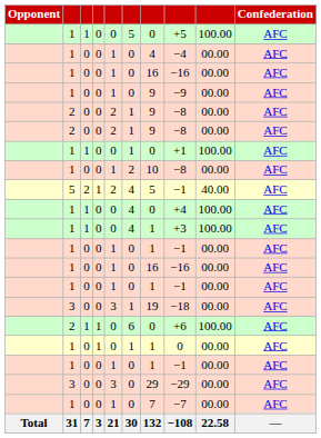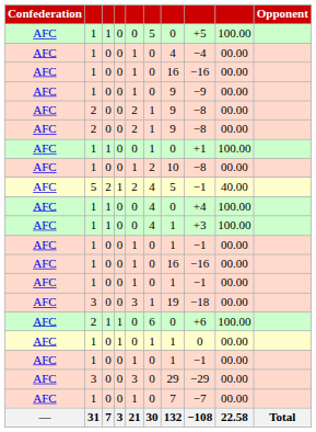 <table class="wikitable sortable" style="text-align:center;">
 <tr style="color:white">
-<th style="background-color:#CC0000;color:white">Opponent</th>
+<th style="background-color:#CC0000;color:white">Confederation</th>
 <th style="background-color:#CC0000;"></th>
 <th style="background-color:#CC0000;"></th>
 <th style="background-color:#CC0000;"></th>
 <th style="background-color:#CC0000;"></th>
 <th style="background-color:#CC0000;"></th>
 <th style="background-color:#CC0000;"></th>
 <th style="background-color:#CC0000;"></th>
 <th style="background-color:#CC0000;"></th>
-<th style="background-color:#CC0000;color:white">Confederation</th>
+<th style="background-color:#CC0000;color:white">Opponent</th>
 </tr>
 <tr bgcolor=CCFFCC>
-<td style="text-align:left;"></td>
+<td><a href='#'>AFC</a></td>
 <td>1</td>
 <td>1</td>
 <td>0</td>
 <td>0</td>
 <td>5</td>
 <td>0</td>
 <td>+5</td>
 <td>100.00</td>
-<td><a href='#'>AFC</a></td>
+<td style="text-align:left;"></td>
 </tr>
 <tr bgcolor=FFDACC>
-<td style="text-align:left;"></td>
+<td><a href='#'>AFC</a></td>
 <td>1</td>
 <td>0</td>
 <td>0</td>
 <td>1</td>
 <td>0</td>
 <td>4</td>
 <td>−4</td>
 <td>00.00</td>
-<td><a href='#'>AFC</a></td>
+<td style="text-align:left;"></td>
 </tr>
 <tr bgcolor=FFDACC>
-<td style="text-align:left;"></td>
+<td><a href='#'>AFC</a></td>
 <td>1</td>
 <td>0</td>
 <td>0</td>
 <td>1</td>
 <td>0</td>
 <td>16</td>
 <td>−16</td>
 <td>00.00</td>
-<td><a href='#'>AFC</a></td>
+<td style="text-align:left;"></td>
 </tr>
 <tr bgcolor=FFDACC>
-<td style="text-align:left;"></td>
+<td><a href='#'>AFC</a></td>
 <td>1</td>
 <td>0</td>
 <td>0</td>
 <td>1</td>
 <td>0</td>
 <td>9</td>
 <td>−9</td>
 <td>00.00</td>
-<td><a href='#'>AFC</a></td>
+<td style="text-align:left;"></td>
 </tr>
 <tr bgcolor=FFDACC>
-<td style="text-align:left;"></td>
+<td><a href='#'>AFC</a></td>
 <td>2</td>
 <td>0</td>
 <td>0</td>
 <td>2</td>
 <td>1</td>
 <td>9</td>
 <td>−8</td>
 <td>00.00</td>
-<td><a href='#'>AFC</a></td>
+<td style="text-align:left;"></td>
 </tr>
 <tr bgcolor=FFDACC>
-<td style="text-align:left;"></td>
+<td><a href='#'>AFC</a></td>
 <td>2</td>
 <td>0</td>
 <td>0</td>
 <td>2</td>
 <td>1</td>
 <td>9</td>
 <td>−8</td>
 <td>00.00</td>
-<td><a href='#'>AFC</a></td>
+<td style="text-align:left;"></td>
 </tr>
 <tr bgcolor=CCFFCC>
-<td style="text-align:left;"></td>
+<td><a href='#'>AFC</a></td>
 <td>1</td>
 <td>1</td>
 <td>0</td>
 <td>0</td>
 <td>1</td>
 <td>0</td>
 <td>+1</td>
 <td>100.00</td>
-<td><a href='#'>AFC</a></td>
+<td style="text-align:left;"></td>
 </tr>
 <tr bgcolor=FFDACC>
-<td style="text-align:left;"></td>
+<td><a href='#'>AFC</a></td>
 <td>1</td>
 <td>0</td>
 <td>0</td>
 <td>1</td>
 <td>2</td>
 <td>10</td>
 <td>−8</td>
 <td>00.00</td>
-<td><a href='#'>AFC</a></td>
+<td style="text-align:left;"></td>
 </tr>
 <tr bgcolor=FFFFCC>
-<td style="text-align:left;"></td>
+<td><a href='#'>AFC</a></td>
 <td>5</td>
 <td>2</td>
 <td>1</td>
 <td>2</td>
 <td>4</td>
 <td>5</td>
 <td>−1</td>
 <td>40.00</td>
-<td><a href='#'>AFC</a></td>
+<td style="text-align:left;"></td>
 </tr>
 <tr bgcolor=CCFFCC>
-<td style="text-align:left;"></td>
+<td><a href='#'>AFC</a></td>
 <td>1</td>
 <td>1</td>
 <td>0</td>
 <td>0</td>
 <td>4</td>
 <td>0</td>
 <td>+4</td>
 <td>100.00</td>
-<td><a href='#'>AFC</a></td>
+<td style="text-align:left;"></td>
 </tr>
 <tr bgcolor=CCFFCC>
-<td style="text-align:left;"></td>
+<td><a href='#'>AFC</a></td>
 <td>1</td>
 <td>1</td>
 <td>0</td>
 <td>0</td>
 <td>4</td>
 <td>1</td>
 <td>+3</td>
 <td>100.00</td>
-<td><a href='#'>AFC</a></td>
+<td style="text-align:left;"></td>
 </tr>
 <tr bgcolor=FFDACC>
-<td style="text-align:left;"></td>
+<td><a href='#'>AFC</a></td>
 <td>1</td>
 <td>0</td>
 <td>0</td>
 <td>1</td>
 <td>0</td>
 <td>1</td>
 <td>−1</td>
 <td>00.00</td>
-<td><a href='#'>AFC</a></td>
+<td style="text-align:left;"></td>
 </tr>
 <tr bgcolor=FFDACC>
-<td style="text-align:left;"></td>
+<td><a href='#'>AFC</a></td>
 <td>1</td>
 <td>0</td>
 <td>0</td>
 <td>1</td>
 <td>0</td>
 <td>16</td>
 <td>−16</td>
 <td>00.00</td>
-<td><a href='#'>AFC</a></td>
+<td style="text-align:left;"></td>
 </tr>
 <tr bgcolor=FFDACC>
-<td style="text-align:left;"></td>
+<td><a href='#'>AFC</a></td>
 <td>1</td>
 <td>0</td>
 <td>0</td>
 <td>1</td>
 <td>0</td>
 <td>1</td>
 <td>−1</td>
 <td>00.00</td>
-<td><a href='#'>AFC</a></td>
+<td style="text-align:left;"></td>
 </tr>
 <tr bgcolor=FFDACC>
-<td style="text-align:left;"></td>
+<td><a href='#'>AFC</a></td>
 <td>3</td>
 <td>0</td>
 <td>0</td>
 <td>3</td>
 <td>1</td>
 <td>19</td>
 <td>−18</td>
 <td>00.00</td>
-<td><a href='#'>AFC</a></td>
+<td style="text-align:left;"></td>
 </tr>
 <tr bgcolor=CCFFCC>
-<td style="text-align:left;"></td>
+<td><a href='#'>AFC</a></td>
 <td>2</td>
 <td>1</td>
 <td>1</td>
 <td>0</td>
 <td>6</td>
 <td>0</td>
 <td>+6</td>
 <td>100.00</td>
-<td><a href='#'>AFC</a></td>
+<td style="text-align:left;"></td>
 </tr>
 <tr bgcolor=FFFFCC>
-<td style="text-align:left;"></td>
+<td><a href='#'>AFC</a></td>
 <td>1</td>
 <td>0</td>
 <td>1</td>
 <td>0</td>
 <td>1</td>
 <td>1</td>
 <td>0</td>
 <td>00.00</td>
-<td><a href='#'>AFC</a></td>
+<td style="text-align:left;"></td>
 </tr>
 <tr bgcolor=FFDACC>
-<td style="text-align:left;"></td>
+<td><a href='#'>AFC</a></td>
 <td>1</td>
 <td>0</td>
 <td>0</td>
 <td>1</td>
 <td>0</td>
 <td>1</td>
 <td>−1</td>
 <td>00.00</td>
-<td><a href='#'>AFC</a></td>
+<td style="text-align:left;"></td>
 </tr>
 <tr bgcolor=FFDACC>
-<td style="text-align:left;"></td>
+<td><a href='#'>AFC</a></td>
 <td>3</td>
 <td>0</td>
 <td>0</td>
 <td>3</td>
 <td>0</td>
 <td>29</td>
 <td>−29</td>
 <td>00.00</td>
-<td><a href='#'>AFC</a></td>
+<td style="text-align:left;"></td>
 </tr>
 <tr bgcolor=FFDACC>
-<td style="text-align:left;"></td>
+<td><a href='#'>AFC</a></td>
 <td>1</td>
 <td>0</td>
 <td>0</td>
 <td>1</td>
 <td>0</td>
 <td>7</td>
 <td>−7</td>
 <td>00.00</td>
-<td><a href='#'>AFC</a></td>
+<td style="text-align:left;"></td>
 </tr>
 <tr>
-<th>Total</th>
+<th>—</th>
 <th>31</th>
 <th>7</th>
 <th>3</th>
 <th>21</th>
 <th>30</th>
 <th>132</th>
 <th>−108</th>
 <th>22.58</th>
-<th>—</th>
+<th>Total</th>
 </tr>
 </table>
